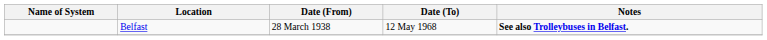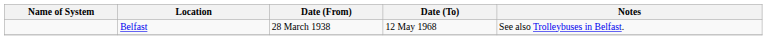 <table class="wikitable" width=100%>
 <tr>
 <th width=15%>Name of System</th>
 <th width=20%>Location</th>
 <th width=15%>Date (From)</th>
 <th width=15%>Date (To)</th>
 <th width=35%>Notes</th>
 </tr>
 <tr>
 <td> </td>
 <td><a href='#'>Belfast</a></td>
 <td>28 March 1938</td>
 <td>12 May 1968</td>
-<td><strong>See also <a href='#'>Trolleybuses in Belfast</a>.</strong></td>
+<td>See also <a href='#'>Trolleybuses in Belfast</a>.</td>
 </tr>
 <tr>
 </tr>
 </table>
